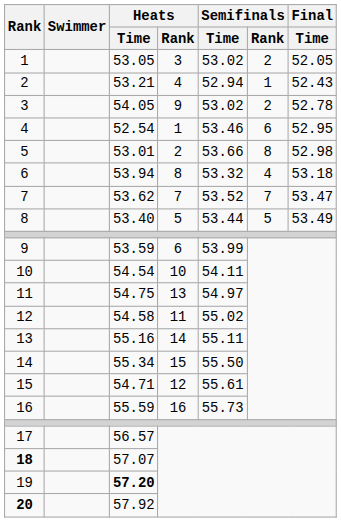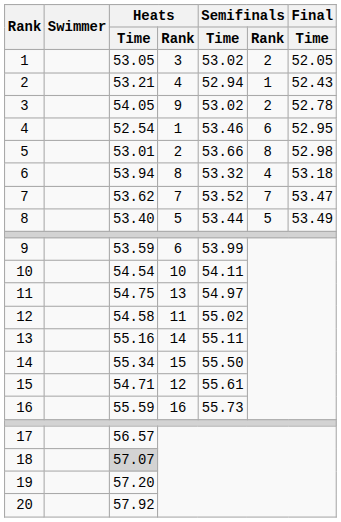 <table class="wikitable" style="text-align:center;">
 <tr>
 <th rowspan="2">Rank</th>
 <th rowspan="2">Swimmer</th>
 <th colspan="2">Heats</th>
 <th colspan="2">Semifinals</th>
 <th>Final</th>
 </tr>
 <tr>
 <th>Time</th>
 <th>Rank</th>
 <th>Time</th>
 <th>Rank</th>
 <th>Time</th>
 </tr>
 <tr>
 <td>1</td>
 <td align="left"></td>
 <td>53.05</td>
 <td>3</td>
 <td>53.02 </td>
 <td>2</td>
 <td>52.05 </td>
 </tr>
 <tr>
 <td>2</td>
 <td align="left"></td>
 <td>53.21</td>
 <td>4</td>
 <td>52.94 </td>
 <td>1</td>
 <td>52.43</td>
 </tr>
 <tr>
 <td>3</td>
 <td align="left"></td>
 <td>54.05</td>
 <td>9</td>
 <td>53.02</td>
 <td>2</td>
 <td>52.78</td>
 </tr>
 <tr>
 <td>4</td>
 <td align="left"></td>
 <td>52.54</td>
 <td>1</td>
 <td>53.46</td>
 <td>6</td>
 <td>52.95</td>
 </tr>
 <tr>
 <td>5</td>
 <td align="left"></td>
 <td>53.01</td>
 <td>2</td>
 <td>53.66</td>
 <td>8</td>
 <td>52.98</td>
 </tr>
 <tr>
 <td>6</td>
 <td align="left"></td>
 <td>53.94</td>
 <td>8</td>
 <td>53.32</td>
 <td>4</td>
 <td>53.18</td>
 </tr>
 <tr>
 <td>7</td>
 <td align="left"></td>
 <td>53.62</td>
 <td>7</td>
 <td>53.52</td>
 <td>7</td>
 <td>53.47</td>
 </tr>
 <tr>
 <td>8</td>
 <td align="left"></td>
 <td>53.40</td>
 <td>5</td>
 <td>53.44</td>
 <td>5</td>
 <td>53.49</td>
 </tr>
 <tr>
 <td colspan=7 bgcolor=lightgray></td>
 </tr>
 <tr>
 <td>9</td>
 <td align="left"></td>
 <td>53.59</td>
 <td>6</td>
 <td>53.99</td>
 <td colspan="2" rowspan=8></td>
 </tr>
 <tr>
 <td>10</td>
 <td align="left"></td>
 <td>54.54</td>
 <td>10</td>
 <td>54.11</td>
 </tr>
 <tr>
 <td>11</td>
 <td align="left"></td>
 <td>54.75</td>
 <td>13</td>
 <td>54.97</td>
 </tr>
 <tr>
 <td>12</td>
 <td align="left"></td>
 <td>54.58</td>
 <td>11</td>
 <td>55.02</td>
 </tr>
 <tr>
 <td>13</td>
 <td align="left"></td>
 <td>55.16</td>
 <td>14</td>
 <td>55.11</td>
 </tr>
 <tr>
 <td>14</td>
 <td align="left"></td>
 <td>55.34</td>
 <td>15</td>
 <td>55.50</td>
 </tr>
 <tr>
 <td>15</td>
 <td align="left"></td>
 <td>54.71</td>
 <td>12</td>
 <td>55.61</td>
 </tr>
 <tr>
 <td>16</td>
 <td align="left"></td>
 <td>55.59</td>
 <td>16</td>
 <td>55.73</td>
 </tr>
 <tr>
 <td colspan=7 bgcolor=lightgray></td>
 </tr>
 <tr>
 <td>17</td>
 <td align="left"></td>
 <td>56.57</td>
 <td colspan=4 rowspan=4></td>
 </tr>
 <tr>
-<td><strong>18</strong></td>
+<td>18</td>
 <td align="left"></td>
-<td>57.07</td>
+<td style="background: lightgrey;">57.07</td>
 </tr>
 <tr>
 <td>19</td>
 <td align="left"></td>
-<td><strong>57.20</strong></td>
+<td>57.20</td>
 </tr>
 <tr>
-<td><strong>20</strong></td>
+<td>20</td>
 <td align="left"></td>
 <td>57.92</td>
 </tr>
 </table>
